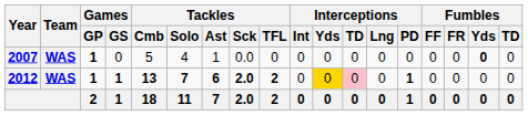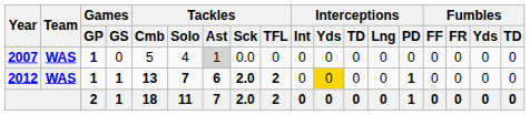 <table class="wikitable" style="text-align:center">
 <tr>
 <th rowspan="2">Year</th>
 <th rowspan="2">Team</th>
 <th colspan="2">Games</th>
 <th colspan="5">Tackles</th>
 <th colspan="5">Interceptions</th>
 <th colspan="4">Fumbles</th>
 </tr>
 <tr>
 <th>GP</th>
 <th>GS</th>
 <th>Cmb</th>
 <th>Solo</th>
 <th>Ast</th>
 <th>Sck</th>
 <th>TFL</th>
 <th>Int</th>
 <th>Yds</th>
 <th>TD</th>
 <th>Lng</th>
 <th>PD</th>
 <th>FF</th>
 <th>FR</th>
 <th>Yds</th>
 <th>TD</th>
 </tr>
 <tr>
 <th><a href='#'>2007</a></th>
 <th><a href='#'>WAS</a></th>
 <td><strong>1</strong></td>
 <td>0</td>
 <td>5</td>
 <td>4</td>
-<td>1</td>
+<td style="background: lightgrey;">1</td>
 <td>0.0</td>
 <td>0</td>
 <td>0</td>
 <td>0</td>
 <td>0</td>
 <td>0</td>
 <td>0</td>
 <td>0</td>
 <td>0</td>
-<td><strong>0</strong></td>
+<td>0</td>
 <td>0</td>
 </tr>
 <tr>
 <th><a href='#'>2012</a></th>
 <th><a href='#'>WAS</a></th>
 <td><strong>1</strong></td>
 <td><strong>1</strong></td>
 <td><strong>13</strong></td>
 <td><strong>7</strong></td>
 <td><strong>6</strong></td>
 <td><strong>2.0</strong></td>
 <td><strong>2</strong></td>
 <td>0</td>
 <td style="background: gold;">0</td>
-<td style="background: pink;">0</td>
+<td>0</td>
 <td>0</td>
 <td><strong>1</strong></td>
 <td>0</td>
 <td>0</td>
 <td>0</td>
 <td>0</td>
 </tr>
 <tr>
 <th colspan="2"></th>
 <th>2</th>
 <th>1</th>
 <th>18</th>
 <th>11</th>
 <th>7</th>
 <th>2.0</th>
 <th>2</th>
 <th>0</th>
 <th>0</th>
 <th>0</th>
 <th>0</th>
 <th>1</th>
 <th>0</th>
 <th>0</th>
 <th>0</th>
 <th>0</th>
 </tr>
 </table>
